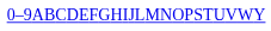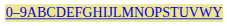 <table id="toc" class="toc" summary="Class">
 <tr>
 <th></th>
 </tr>
 <tr>
-<td style="text-align:center;"><a href='#'>0–9</a><a href='#'>A</a><a href='#'>B</a><a href='#'>C</a><a href='#'>D</a><a href='#'>E</a><a href='#'>F</a><a href='#'>G</a><a href='#'>H</a><a href='#'>I</a><a href='#'>J</a><a href='#'>L</a><a href='#'>M</a><a href='#'>N</a><a href='#'>O</a><a href='#'>P</a><a href='#'>S</a><a href='#'>T</a><a href='#'>U</a><a href='#'>V</a><a href='#'>W</a><a href='#'>Y</a></td>
+<td style="background: khaki; text-align:center;"><a href='#'>0–9</a><a href='#'>A</a><a href='#'>B</a><a href='#'>C</a><a href='#'>D</a><a href='#'>E</a><a href='#'>F</a><a href='#'>G</a><a href='#'>H</a><a href='#'>I</a><a href='#'>J</a><a href='#'>L</a><a href='#'>M</a><a href='#'>N</a><a href='#'>O</a><a href='#'>P</a><a href='#'>S</a><a href='#'>T</a><a href='#'>U</a><a href='#'>V</a><a href='#'>W</a><a href='#'>Y</a></td>
 </tr>
 </table>
